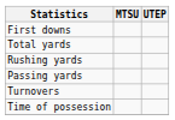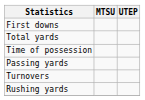 <table class="wikitable" style="float: left;">
 <tr>
 <th>Statistics</th>
 <th>MTSU</th>
 <th>UTEP</th>
 </tr>
 <tr>
 <td>First downs</td>
 <td></td>
 <td></td>
 </tr>
 <tr>
 <td>Total yards</td>
 <td></td>
 <td></td>
 </tr>
 <tr>
-<td>Rushing yards</td>
+<td>Time of possession</td>
 <td></td>
 <td></td>
 </tr>
 <tr>
 <td>Passing yards</td>
 <td></td>
 <td></td>
 </tr>
 <tr>
 <td>Turnovers</td>
 <td></td>
 <td></td>
 </tr>
 <tr>
-<td>Time of possession</td>
+<td>Rushing yards</td>
 <td></td>
 <td></td>
 </tr>
 <tr>
 </tr>
 </table>
